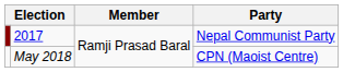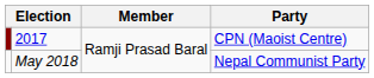 <table class="wikitable">
 <tr>
 <th colspan="2">Election</th>
 <th>Member</th>
 <th>Party</th>
 </tr>
 <tr>
 <td style="background-color:darkred"></td>
 <td><a href='#'>2017</a></td>
 <td rowspan="2">Ramji Prasad Baral</td>
-<td><a href='#'>Nepal Communist Party</a></td>
+<td><a href='#'>CPN (Maoist Centre)</a></td>
 </tr>
 <tr>
 <td style="background-color:"></td>
 <td><em>May 2018</em></td>
-<td><a href='#'>CPN (Maoist Centre)</a></td>
+<td><a href='#'>Nepal Communist Party</a></td>
 </tr>
 </table>
